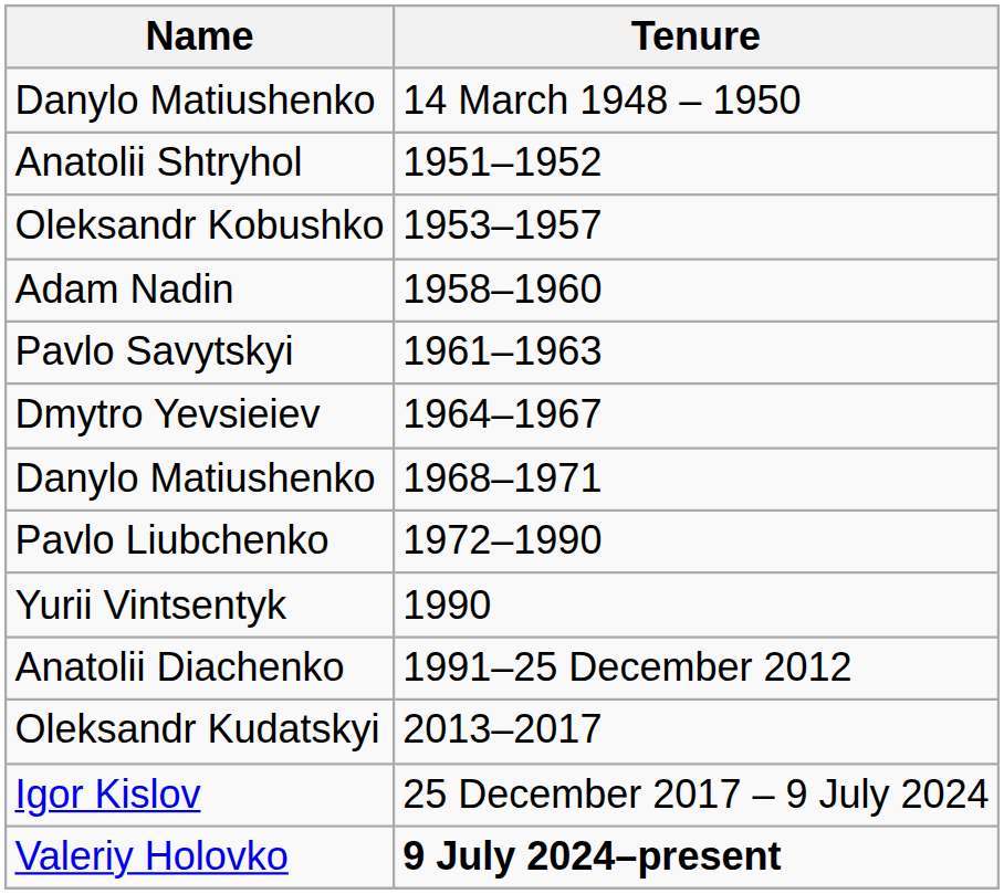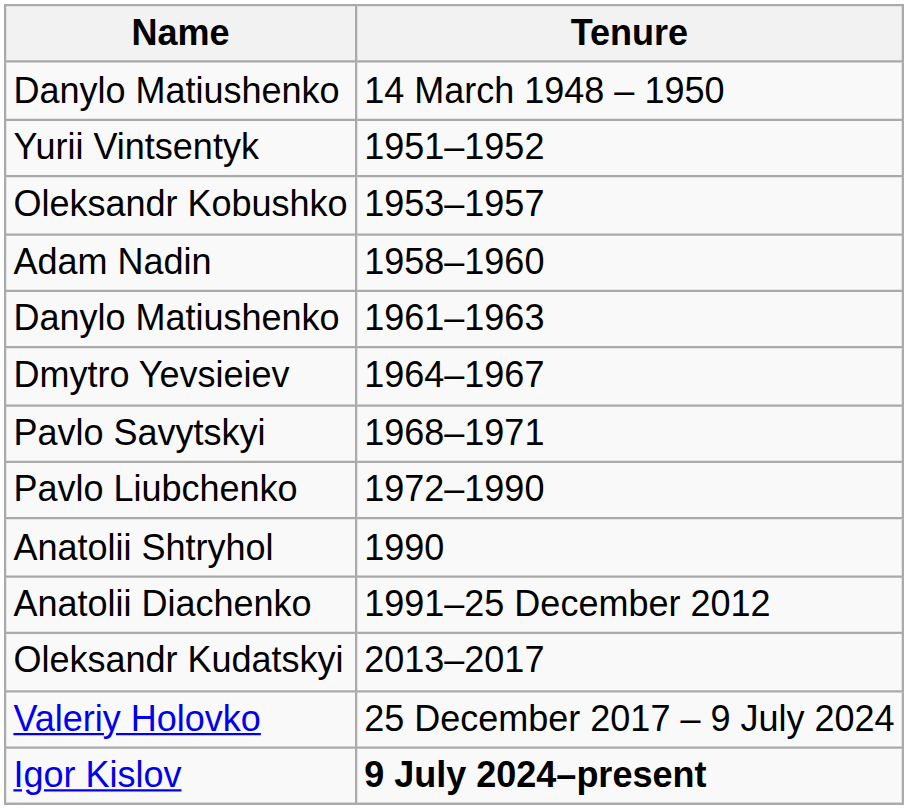 <table class="wikitable">
 <tr>
 <th>Name</th>
 <th>Tenure</th>
 </tr>
 <tr>
 <td>Danylo Matiushenko</td>
 <td>14 March 1948 – 1950</td>
 </tr>
 <tr>
-<td>Anatolii Shtryhol</td>
+<td>Yurii Vintsentyk</td>
 <td>1951–1952</td>
 </tr>
 <tr>
 <td>Oleksandr Kobushko</td>
 <td>1953–1957</td>
 </tr>
 <tr>
 <td>Adam Nadin</td>
 <td>1958–1960</td>
 </tr>
 <tr>
-<td>Pavlo Savytskyi</td>
+<td>Danylo Matiushenko</td>
 <td>1961–1963</td>
 </tr>
 <tr>
 <td>Dmytro Yevsieiev</td>
 <td>1964–1967</td>
 </tr>
 <tr>
-<td>Danylo Matiushenko</td>
+<td>Pavlo Savytskyi</td>
 <td>1968–1971</td>
 </tr>
 <tr>
 <td>Pavlo Liubchenko</td>
 <td>1972–1990</td>
 </tr>
 <tr>
-<td>Yurii Vintsentyk</td>
+<td>Anatolii Shtryhol</td>
 <td>1990</td>
 </tr>
 <tr>
 <td>Anatolii Diachenko</td>
 <td>1991–25 December 2012</td>
 </tr>
 <tr>
 <td>Oleksandr Kudatskyi</td>
 <td>2013–2017</td>
 </tr>
 <tr>
-<td><a href='#'>Igor Kislov</a></td>
+<td><a href='#'>Valeriy Holovko</a></td>
 <td>25 December 2017 – 9 July 2024</td>
 </tr>
 <tr>
-<td><a href='#'>Valeriy Holovko</a></td>
+<td><a href='#'>Igor Kislov</a></td>
 <td><strong>9 July 2024–present</strong></td>
 </tr>
 <tr>
 </tr>
 </table>
